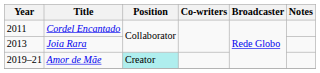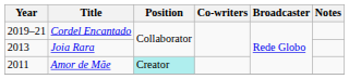 <table class="wikitable">
 <tr>
 <th>Year</th>
 <th>Title</th>
 <th>Position</th>
 <th>Co-writers</th>
 <th>Broadcaster</th>
 <th>Notes</th>
 </tr>
 <tr>
-<td>2011</td>
+<td>2019–21</td>
 <td><em><a href='#'>Cordel Encantado</a></em></td>
 <td rowspan="2">Collaborator</td>
 <td rowspan="2"><br></td>
 <td rowspan="3"><a href='#'>Rede Globo</a></td>
 <td></td>
 </tr>
 <tr>
 <td>2013</td>
 <td><em><a href='#'>Joia Rara</a></em></td>
 <td></td>
 </tr>
 <tr>
-<td>2019–21</td>
+<td>2011</td>
 <td><em><a href='#'>Amor de Mãe</a></em></td>
 <td style="background: paleturquoise;">Creator</td>
 <td></td>
 <td></td>
 </tr>
 <tr>
 </tr>
 </table>
